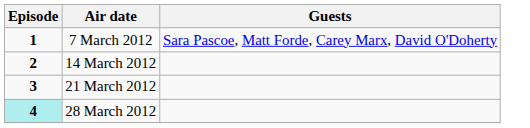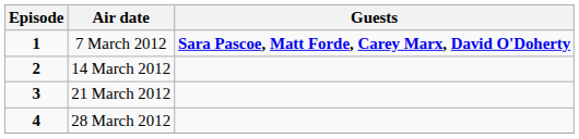 <table class="wikitable" style="text-align:center;">
 <tr>
 <th>Episode</th>
 <th>Air date</th>
 <th>Guests</th>
 </tr>
 <tr>
 <td><strong>1</strong></td>
 <td>7 March 2012</td>
-<td><a href='#'>Sara Pascoe</a>, <a href='#'>Matt Forde</a>, <a href='#'>Carey Marx</a>, <a href='#'>David O'Doherty</a></td>
+<td><strong><a href='#'>Sara Pascoe</a>, <a href='#'>Matt Forde</a>, <a href='#'>Carey Marx</a>, <a href='#'>David O'Doherty</a></strong></td>
 </tr>
 <tr>
 <td><strong>2</strong></td>
 <td>14 March 2012</td>
 <td></td>
 </tr>
 <tr>
 <td><strong>3</strong></td>
 <td>21 March 2012</td>
 <td></td>
 </tr>
 <tr>
-<td style="background: paleturquoise;"><strong>4</strong></td>
+<td><strong>4</strong></td>
 <td>28 March 2012</td>
 <td></td>
 </tr>
 <tr>
 </tr>
 </table>
